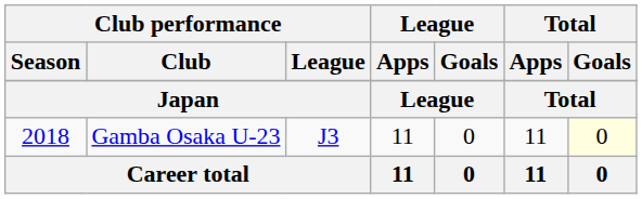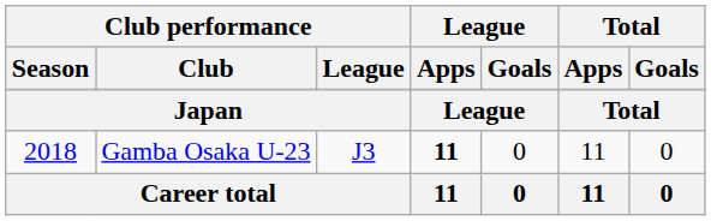 <table class="wikitable" style="text-align:center">
 <tr>
 <th colspan=3>Club performance</th>
 <th colspan=2>League</th>
 <th colspan=2>Total</th>
 </tr>
 <tr>
 <th>Season</th>
 <th>Club</th>
 <th>League</th>
 <th>Apps</th>
 <th>Goals</th>
 <th>Apps</th>
 <th>Goals</th>
 </tr>
 <tr>
 </tr>
 <tr>
 <th colspan=3>Japan</th>
 <th colspan=2>League</th>
 <th colspan=2>Total</th>
 </tr>
 <tr>
 <td><a href='#'>2018</a></td>
 <td><a href='#'>Gamba Osaka U-23</a></td>
 <td><a href='#'>J3</a></td>
+<td><strong>11</strong></td>
+<td>0</td>
 <td>11</td>
 <td>0</td>
-<td>11</td>
-<td style="background: lightyellow;">0</td>
 </tr>
 <tr>
 <th colspan=3>Career total</th>
 <th>11</th>
 <th>0</th>
 <th>11</th>
 <th>0</th>
 </tr>
 </table>
